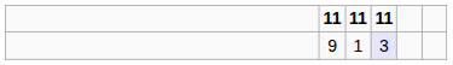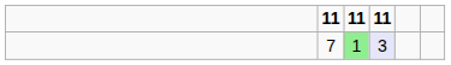 <table class="wikitable">
 <tr>
 <td style="width:18em"><strong></strong></td>
 <td align=center style="width:1em"><strong>11</strong></td>
 <td align=center style="width:1em"><strong>11</strong></td>
 <td align=center style="width:1em"><strong>11</strong></td>
 <td align=center style="width:1em"></td>
 <td align=center style="width:1em"></td>
 </tr>
 <tr>
 <td style="width:18em"></td>
-<td align=center style="width:1em">9</td>
-<td align=center style="width:1em">1</td>
+<td align=center style="width:1em">7</td>
+<td align=center style="background: lightgreen; width:1em">1</td>
 <td align=center style="background: lavender; width:1em">3</td>
 <td align=center style="width:1em"></td>
 <td align=center style="width:1em"></td>
 </tr>
 </table>
